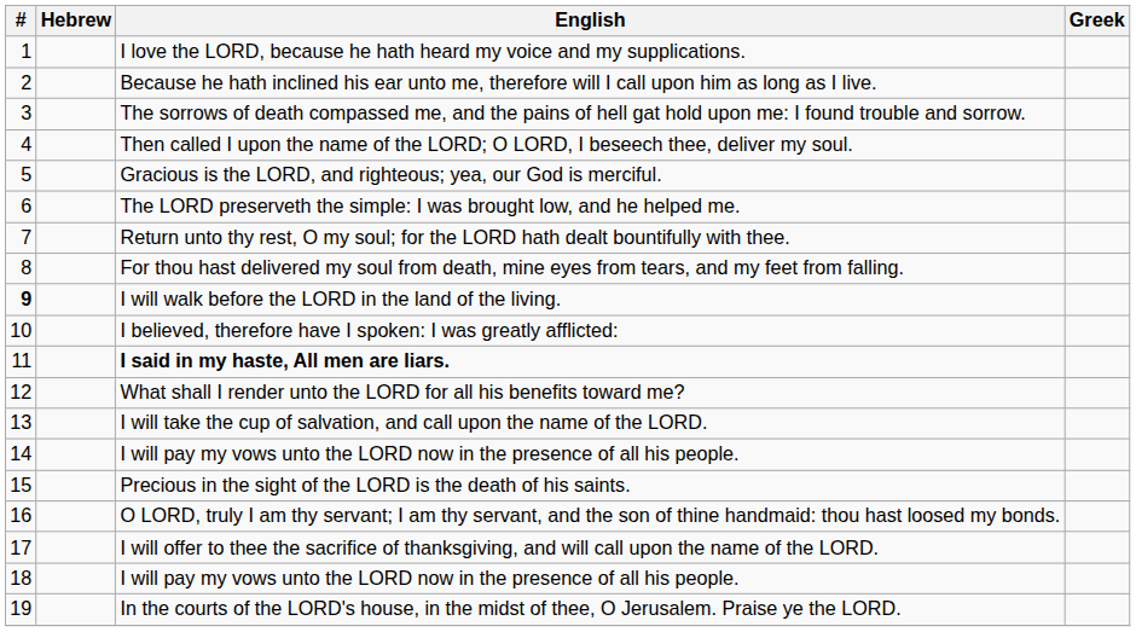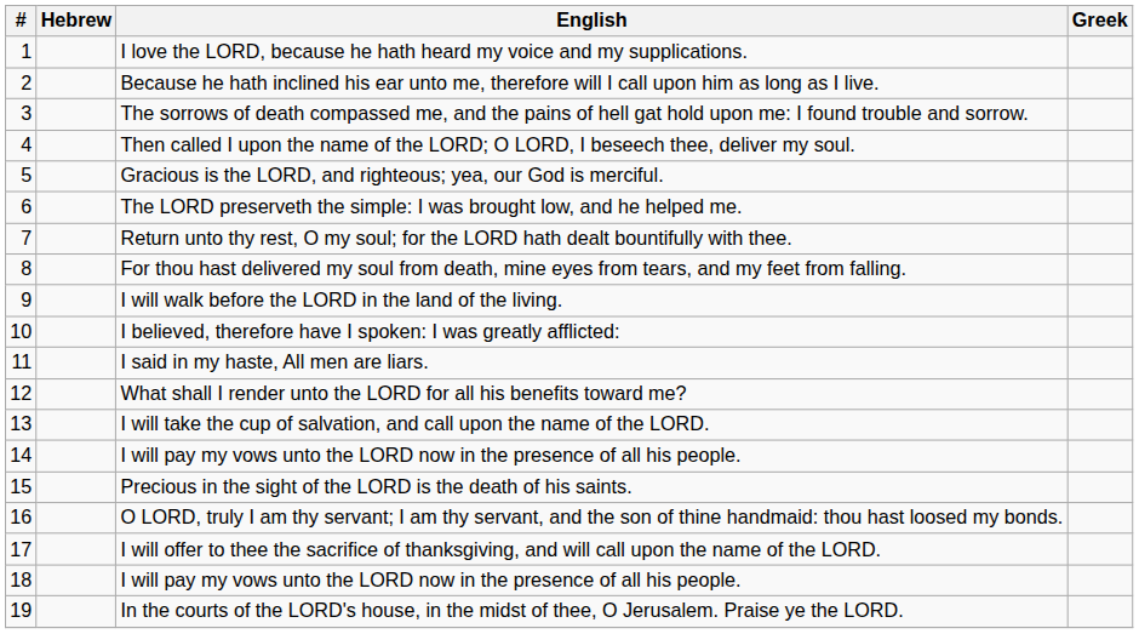 <table class=wikitable>
 <tr>
 <th>#</th>
 <th>Hebrew</th>
 <th>English</th>
 <th>Greek</th>
 </tr>
 <tr>
 <td style="text-align:right">1</td>
 <td style="text-align:right"></td>
 <td>I love the LORD, because he hath heard my voice and my supplications.</td>
 <td></td>
 </tr>
 <tr>
 <td style="text-align:right">2</td>
 <td style="text-align:right"></td>
 <td>Because he hath inclined his ear unto me, therefore will I call upon him as long as I live.</td>
 <td></td>
 </tr>
 <tr>
 <td style="text-align:right">3</td>
 <td style="text-align:right"></td>
 <td>The sorrows of death compassed me, and the pains of hell gat hold upon me: I found trouble and sorrow.</td>
 <td></td>
 </tr>
 <tr>
 <td style="text-align:right">4</td>
 <td style="text-align:right"></td>
 <td>Then called I upon the name of the LORD; O LORD, I beseech thee, deliver my soul.</td>
 <td></td>
 </tr>
 <tr>
 <td style="text-align:right">5</td>
 <td style="text-align:right"></td>
 <td>Gracious is the LORD, and righteous; yea, our God is merciful.</td>
 <td></td>
 </tr>
 <tr>
 <td style="text-align:right">6</td>
 <td style="text-align:right"></td>
 <td>The LORD preserveth the simple: I was brought low, and he helped me.</td>
 <td></td>
 </tr>
 <tr>
 <td style="text-align:right">7</td>
 <td style="text-align:right"></td>
 <td>Return unto thy rest, O my soul; for the LORD hath dealt bountifully with thee.</td>
 <td></td>
 </tr>
 <tr>
 <td style="text-align:right">8</td>
 <td style="text-align:right"></td>
 <td>For thou hast delivered my soul from death, mine eyes from tears, and my feet from falling.</td>
 <td></td>
 </tr>
 <tr>
-<td style="text-align:right"><strong>9</strong></td>
+<td style="text-align:right">9</td>
 <td style="text-align:right"></td>
 <td>I will walk before the LORD in the land of the living.</td>
 <td></td>
 </tr>
 <tr>
 <td style="text-align:right">10</td>
 <td style="text-align:right"></td>
 <td>I believed, therefore have I spoken: I was greatly afflicted:</td>
 <td></td>
 </tr>
 <tr>
 <td style="text-align:right">11</td>
 <td style="text-align:right"></td>
-<td><strong>I said in my haste, All men are liars.</strong></td>
+<td>I said in my haste, All men are liars.</td>
 <td></td>
 </tr>
 <tr>
 <td style="text-align:right">12</td>
 <td style="text-align:right"></td>
 <td>What shall I render unto the LORD for all his benefits toward me?</td>
 <td></td>
 </tr>
 <tr>
 <td style="text-align:right">13</td>
 <td style="text-align:right"></td>
 <td>I will take the cup of salvation, and call upon the name of the LORD.</td>
 <td></td>
 </tr>
 <tr>
 <td style="text-align:right">14</td>
 <td style="text-align:right"></td>
 <td>I will pay my vows unto the LORD now in the presence of all his people.</td>
 <td></td>
 </tr>
 <tr>
 <td style="text-align:right">15</td>
 <td style="text-align:right"></td>
 <td>Precious in the sight of the LORD is the death of his saints.</td>
 <td></td>
 </tr>
 <tr>
 <td style="text-align:right">16</td>
 <td style="text-align:right"></td>
 <td>O LORD, truly I am thy servant; I am thy servant, and the son of thine handmaid: thou hast loosed my bonds.</td>
 <td></td>
 </tr>
 <tr>
 <td style="text-align:right">17</td>
 <td style="text-align:right"></td>
 <td>I will offer to thee the sacrifice of thanksgiving, and will call upon the name of the LORD.</td>
 <td></td>
 </tr>
 <tr>
 <td style="text-align:right">18</td>
 <td style="text-align:right"></td>
 <td>I will pay my vows unto the LORD now in the presence of all his people.</td>
 <td></td>
 </tr>
 <tr>
 <td style="text-align:right">19</td>
 <td style="text-align:right"></td>
 <td>In the courts of the LORD's house, in the midst of thee, O Jerusalem. Praise ye the LORD.</td>
 <td></td>
 </tr>
 <tr>
 </tr>
 </table>
